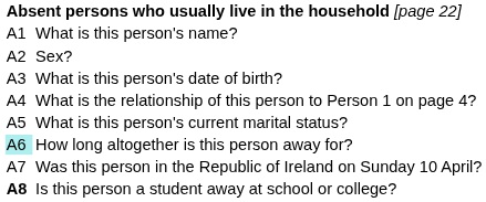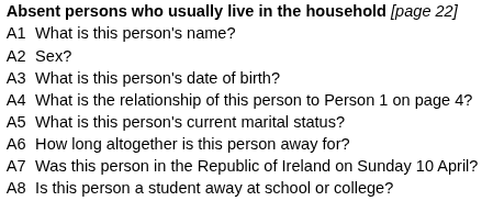 <table>
 <tr>
 <td colspan="2"><strong>Absent persons who usually live in the household</strong> <em>[page 22]</em></td>
 </tr>
 <tr>
 <td width="25">A1</td>
 <td>What is this person's name?</td>
 </tr>
 <tr>
 <td>A2</td>
 <td>Sex?</td>
 </tr>
 <tr>
 <td>A3</td>
 <td>What is this person's date of birth?</td>
 </tr>
 <tr>
 <td>A4</td>
 <td>What is the relationship of this person to Person 1 on page 4?</td>
 </tr>
 <tr>
 <td>A5</td>
 <td>What is this person's current marital status?</td>
 </tr>
 <tr>
-<td style="background: paleturquoise;">A6</td>
+<td>A6</td>
 <td>How long altogether is this person away for?</td>
 </tr>
 <tr>
 <td>A7</td>
 <td>Was this person in the Republic of Ireland on Sunday 10 April?</td>
 </tr>
 <tr>
-<td><strong>A8</strong></td>
+<td>A8</td>
 <td>Is this person a student away at school or college?</td>
 </tr>
 </table>
